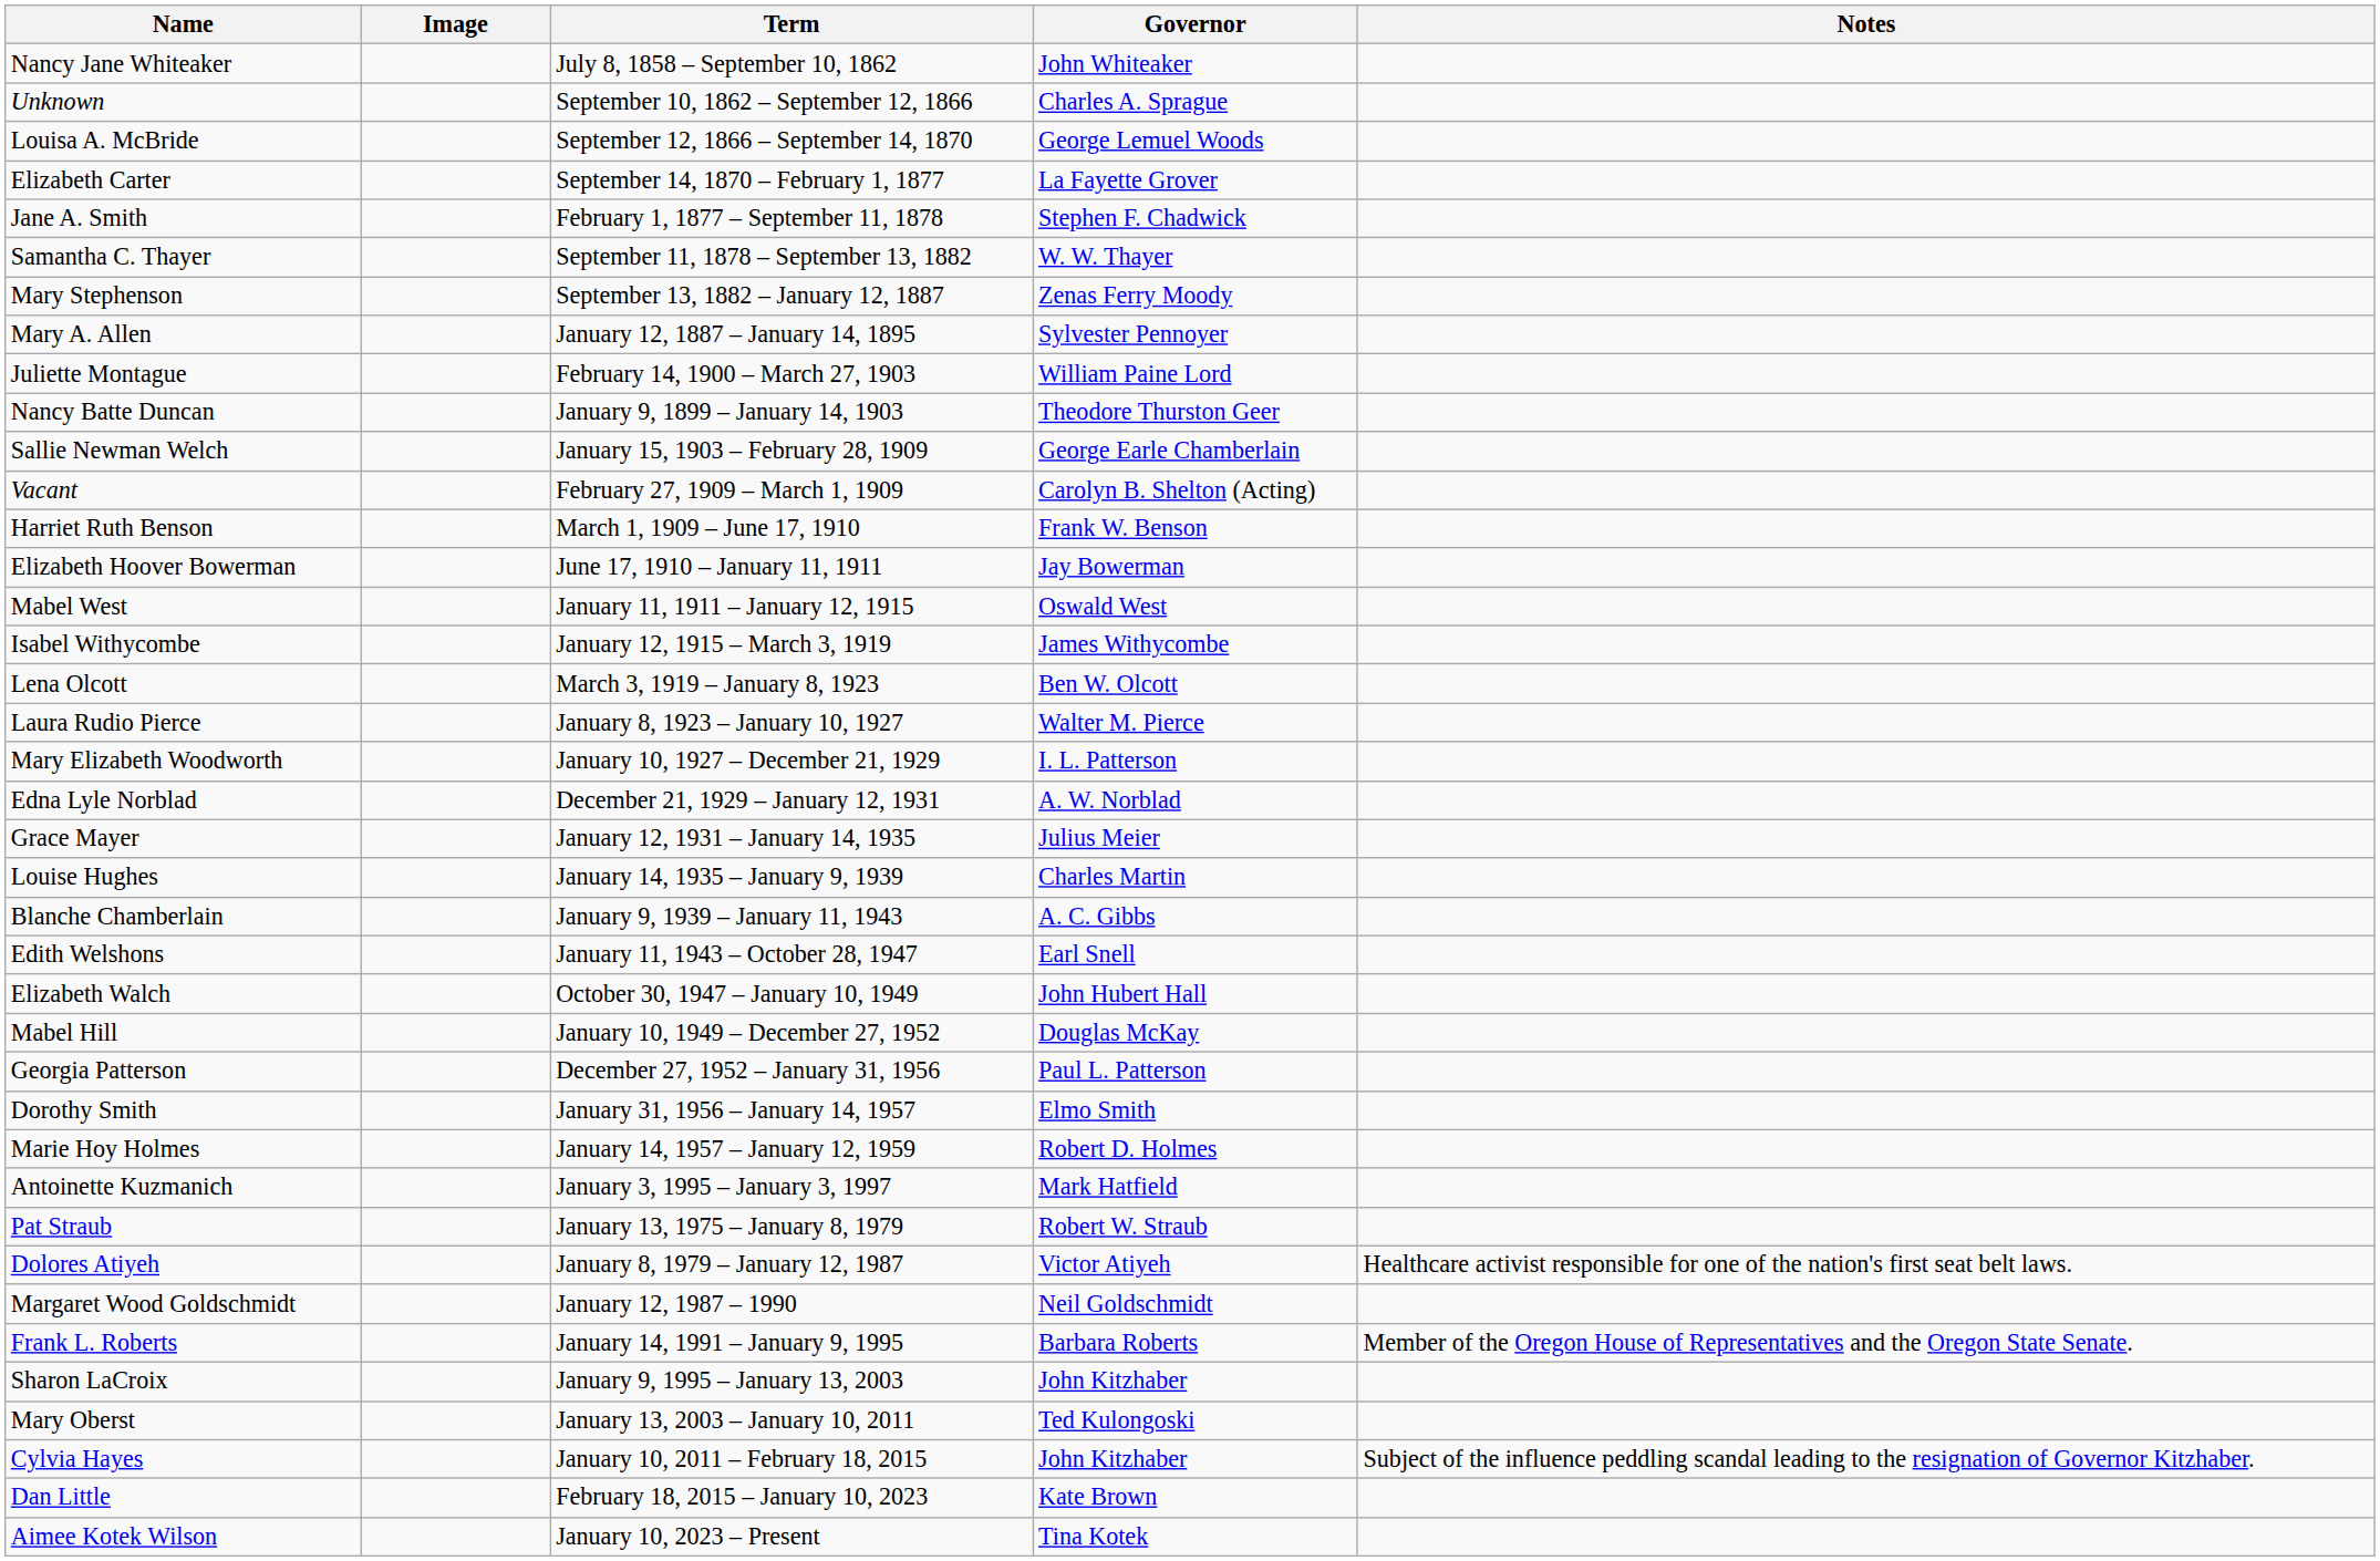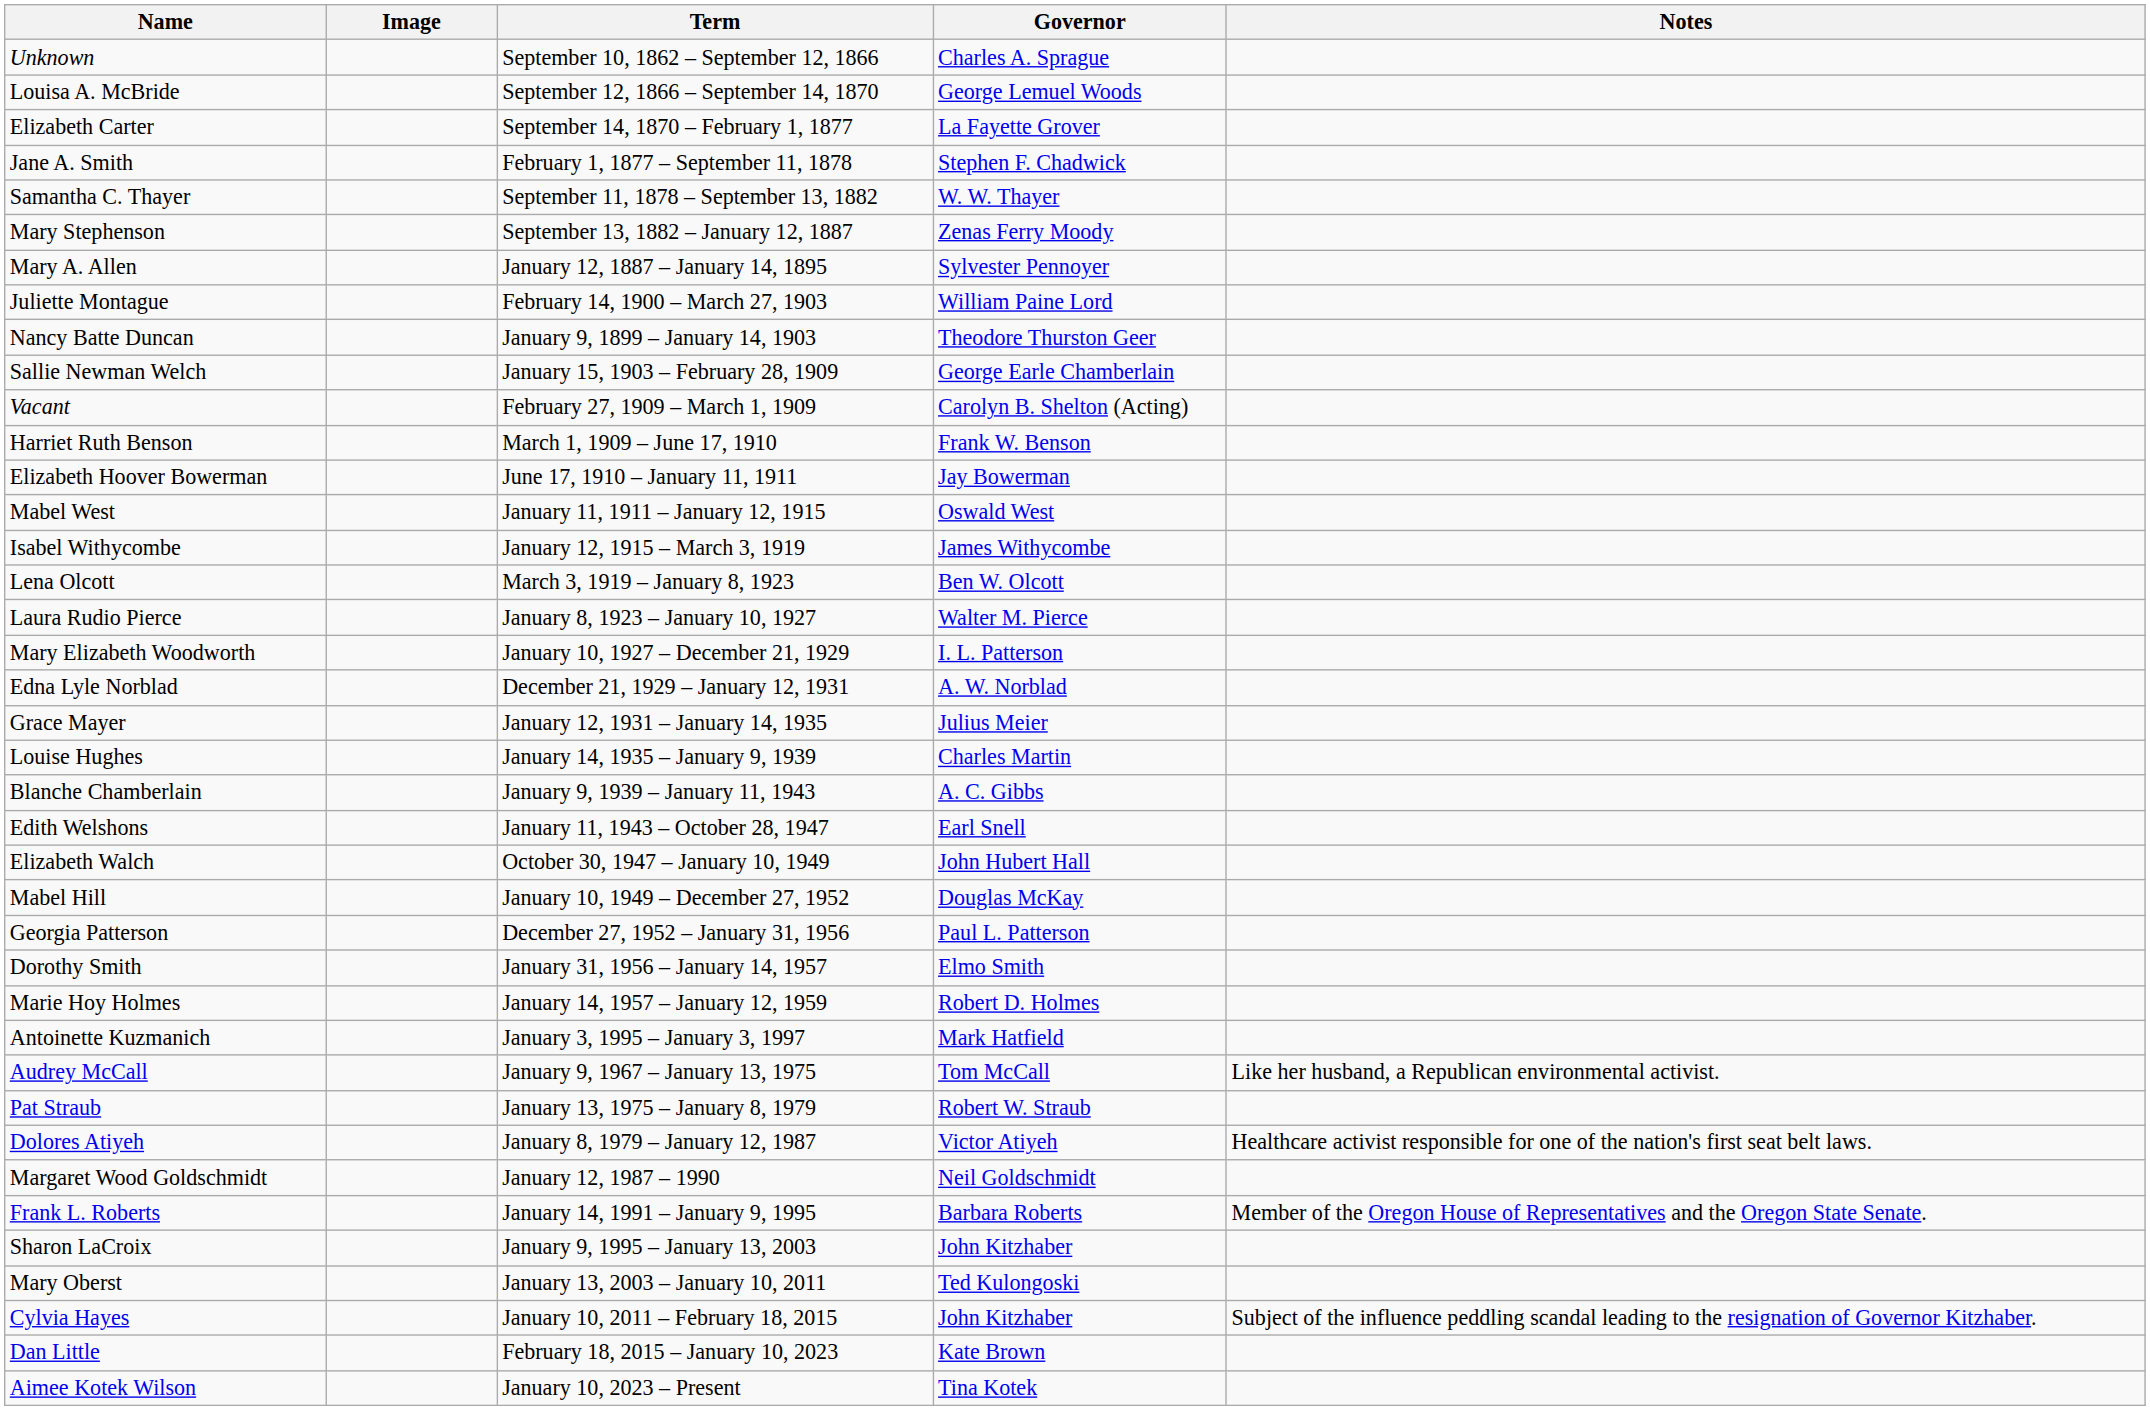 <table class="wikitable sortable" style="width:98%">
 <tr>
 <th width="15%" scope="col">Name</th>
 <th class="unsortable" width="8%" scope="col">Image</th>
 <th width="class=">Term</th>
 <th width="" scope="col">Governor</th>
 <th>Notes</th>
-</tr>
-<tr>
-<td scope="row">Nancy Jane Whiteaker</td>
-<td></td>
-<td>July 8, 1858 – September 10, 1862</td>
-<td><a href='#'>John Whiteaker</a></td>
-<td></td>
 </tr>
 <tr>
 <td scope="row"><em>Unknown</em></td>
 <td></td>
 <td>September 10, 1862 – September 12, 1866</td>
 <td><a href='#'>Charles A. Sprague</a></td>
 <td></td>
 </tr>
 <tr>
 <td scope="row">Louisa A. McBride</td>
 <td></td>
 <td>September 12, 1866 – September 14, 1870</td>
 <td><a href='#'>George Lemuel Woods</a></td>
 <td></td>
 </tr>
 <tr>
 <td scope="row">Elizabeth Carter</td>
 <td></td>
 <td>September 14, 1870 – February 1, 1877</td>
 <td><a href='#'>La Fayette Grover</a></td>
 <td></td>
 </tr>
 <tr>
 <td scope="row">Jane A. Smith</td>
 <td></td>
 <td>February 1, 1877 – September 11, 1878</td>
 <td><a href='#'>Stephen F. Chadwick</a></td>
 <td></td>
 </tr>
 <tr>
 <td scope="row">Samantha C. Thayer</td>
 <td></td>
 <td>September 11, 1878 – September 13, 1882</td>
 <td><a href='#'>W. W. Thayer</a></td>
 <td></td>
 </tr>
 <tr>
 <td scope="row">Mary Stephenson</td>
 <td></td>
 <td>September 13, 1882 – January 12, 1887</td>
 <td><a href='#'>Zenas Ferry Moody</a></td>
 <td></td>
 </tr>
 <tr>
 <td scope="row">Mary A. Allen</td>
 <td></td>
 <td>January 12, 1887 – January 14, 1895</td>
 <td><a href='#'>Sylvester Pennoyer</a></td>
 <td></td>
 </tr>
 <tr>
 <td scope="row">Juliette Montague</td>
 <td></td>
 <td>February 14, 1900 – March 27, 1903</td>
 <td><a href='#'>William Paine Lord</a></td>
 <td></td>
 </tr>
 <tr>
 <td scope="row">Nancy Batte Duncan</td>
 <td></td>
 <td>January 9, 1899 – January 14, 1903</td>
 <td><a href='#'>Theodore Thurston Geer</a></td>
 <td></td>
 </tr>
 <tr>
 <td scope="row">Sallie Newman Welch</td>
 <td></td>
 <td>January 15, 1903 – February 28, 1909</td>
 <td><a href='#'>George Earle Chamberlain</a></td>
 <td></td>
 </tr>
 <tr>
 <td><em>Vacant</em></td>
 <td></td>
 <td>February 27, 1909 – March 1, 1909</td>
 <td><a href='#'>Carolyn B. Shelton</a> (Acting)</td>
 <td></td>
 </tr>
 <tr>
 <td scope="row">Harriet Ruth Benson</td>
 <td></td>
 <td>March 1, 1909 – June 17, 1910</td>
 <td><a href='#'>Frank W. Benson</a></td>
 <td></td>
 </tr>
 <tr>
 <td scope="row">Elizabeth Hoover Bowerman</td>
 <td></td>
 <td>June 17, 1910 – January 11, 1911</td>
 <td><a href='#'>Jay Bowerman</a></td>
 <td></td>
 </tr>
 <tr>
 <td scope="row">Mabel West</td>
 <td></td>
 <td>January 11, 1911 – January 12, 1915</td>
 <td><a href='#'>Oswald West</a></td>
 <td></td>
 </tr>
 <tr>
 <td scope="row">Isabel Withycombe</td>
 <td></td>
 <td>January 12, 1915 – March 3, 1919</td>
 <td><a href='#'>James Withycombe</a></td>
 <td></td>
 </tr>
 <tr>
 <td scope="row">Lena Olcott</td>
 <td></td>
 <td>March 3, 1919 – January 8, 1923</td>
 <td><a href='#'>Ben W. Olcott</a></td>
 <td></td>
 </tr>
 <tr>
 <td scope="row">Laura Rudio Pierce</td>
 <td></td>
 <td>January 8, 1923 – January 10, 1927</td>
 <td><a href='#'>Walter M. Pierce</a></td>
 <td></td>
 </tr>
 <tr>
 <td scope="row">Mary Elizabeth Woodworth</td>
 <td></td>
 <td>January 10, 1927 – December 21, 1929</td>
 <td><a href='#'>I. L. Patterson</a></td>
 <td></td>
 </tr>
 <tr>
 <td scope="row">Edna Lyle Norblad</td>
 <td></td>
 <td>December 21, 1929 – January 12, 1931</td>
 <td><a href='#'>A. W. Norblad</a></td>
 <td></td>
 </tr>
 <tr>
 <td scope="row">Grace Mayer</td>
 <td></td>
 <td>January 12, 1931 – January 14, 1935</td>
 <td><a href='#'>Julius Meier</a></td>
 <td></td>
 </tr>
 <tr>
 <td scope="row">Louise Hughes</td>
 <td></td>
 <td>January 14, 1935 – January 9, 1939</td>
 <td><a href='#'>Charles Martin</a></td>
 <td></td>
 </tr>
 <tr>
 <td scope="row">Blanche Chamberlain</td>
 <td></td>
 <td>January 9, 1939 – January 11, 1943</td>
 <td><a href='#'>A. C. Gibbs</a></td>
 <td></td>
 </tr>
 <tr>
 <td scope="row">Edith Welshons</td>
 <td></td>
 <td>January 11, 1943 – October 28, 1947</td>
 <td><a href='#'>Earl Snell</a></td>
 <td></td>
 </tr>
 <tr>
 <td scope="row">Elizabeth Walch</td>
 <td></td>
 <td>October 30, 1947 – January 10, 1949</td>
 <td><a href='#'>John Hubert Hall</a></td>
 <td></td>
 </tr>
 <tr>
 <td scope="row">Mabel Hill</td>
 <td></td>
 <td>January 10, 1949 – December 27, 1952</td>
 <td><a href='#'>Douglas McKay</a></td>
 <td></td>
 </tr>
 <tr>
 <td scope="row">Georgia Patterson</td>
 <td></td>
 <td>December 27, 1952 – January 31, 1956</td>
 <td><a href='#'>Paul L. Patterson</a></td>
 <td></td>
 </tr>
 <tr>
 <td scope="row">Dorothy Smith</td>
 <td></td>
 <td>January 31, 1956 – January 14, 1957</td>
 <td><a href='#'>Elmo Smith</a></td>
 <td></td>
 </tr>
 <tr>
 <td scope="row">Marie Hoy Holmes</td>
 <td></td>
 <td>January 14, 1957 – January 12, 1959</td>
 <td><a href='#'>Robert D. Holmes</a></td>
 <td></td>
 </tr>
 <tr>
 <td scope="row">Antoinette Kuzmanich</td>
 <td></td>
 <td>January 3, 1995 – January 3, 1997</td>
 <td><a href='#'>Mark Hatfield</a></td>
 <td></td>
 </tr>
 <tr>
+<td scope="row"><a href='#'>Audrey McCall</a></td>
+<td></td>
+<td>January 9, 1967 – January 13, 1975</td>
+<td><a href='#'>Tom McCall</a></td>
+<td>Like her husband, a Republican environmental activist.</td>
+</tr>
+<tr>
 <td scope="row"><a href='#'>Pat Straub</a></td>
 <td></td>
 <td>January 13, 1975 – January 8, 1979</td>
 <td><a href='#'>Robert W. Straub</a></td>
 <td></td>
 </tr>
 <tr>
 <td scope="row"><a href='#'>Dolores Atiyeh</a></td>
 <td></td>
 <td>January 8, 1979 – January 12, 1987</td>
 <td><a href='#'>Victor Atiyeh</a></td>
 <td>Healthcare activist responsible for one of the nation's first seat belt laws.</td>
 </tr>
 <tr>
 <td scope="row">Margaret Wood Goldschmidt</td>
 <td></td>
 <td>January 12, 1987 – 1990</td>
 <td><a href='#'>Neil Goldschmidt</a></td>
 <td></td>
 </tr>
 <tr>
 <td scope="row"><a href='#'>Frank L. Roberts</a></td>
 <td></td>
 <td>January 14, 1991 – January 9, 1995</td>
 <td><a href='#'>Barbara Roberts</a></td>
 <td>Member of the <a href='#'>Oregon House of Representatives</a> and the <a href='#'>Oregon State Senate</a>.</td>
 </tr>
 <tr>
 <td scope="row">Sharon LaCroix</td>
 <td></td>
 <td>January 9, 1995 – January 13, 2003</td>
 <td><a href='#'>John Kitzhaber</a></td>
 <td></td>
 </tr>
 <tr>
 <td scope="row">Mary Oberst</td>
 <td></td>
 <td>January 13, 2003 – January 10, 2011</td>
 <td><a href='#'>Ted Kulongoski</a></td>
 <td></td>
 </tr>
 <tr>
 <td scope="row"><a href='#'>Cylvia Hayes</a></td>
 <td></td>
 <td>January 10, 2011 – February 18, 2015</td>
 <td><a href='#'>John Kitzhaber</a></td>
 <td>Subject of the influence peddling scandal leading to the <a href='#'>resignation of Governor Kitzhaber</a>.</td>
 </tr>
 <tr>
 <td scope="row"><a href='#'>Dan Little</a></td>
 <td></td>
 <td>February 18, 2015 – January 10, 2023</td>
 <td><a href='#'>Kate Brown</a></td>
 <td></td>
 </tr>
 <tr>
 <td scope="row"><a href='#'>Aimee Kotek Wilson</a></td>
 <td></td>
 <td>January 10, 2023 – Present</td>
 <td><a href='#'>Tina Kotek</a></td>
 <td></td>
 </tr>
 </table>
